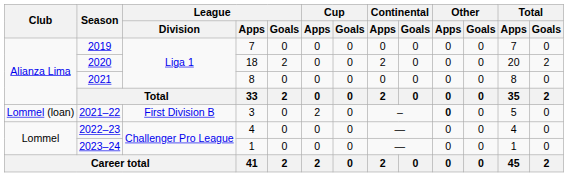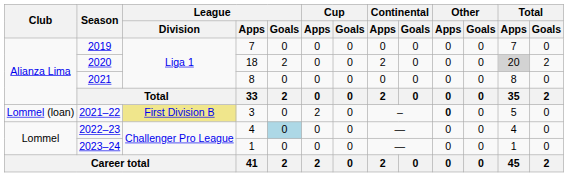 <table class="wikitable" style="text-align:center">
 <tr>
 <th rowspan="2">Club</th>
 <th rowspan="2">Season</th>
 <th colspan="3">League</th>
 <th colspan="2">Cup</th>
 <th colspan="2">Continental</th>
 <th colspan="2">Other</th>
 <th colspan="2">Total</th>
 </tr>
 <tr>
 <th>Division</th>
 <th>Apps</th>
 <th>Goals</th>
 <th>Apps</th>
 <th>Goals</th>
 <th>Apps</th>
 <th>Goals</th>
 <th>Apps</th>
 <th>Goals</th>
 <th>Apps</th>
 <th>Goals</th>
 </tr>
 <tr>
 <td rowspan="4"><a href='#'>Alianza Lima</a></td>
 <td><a href='#'>2019</a></td>
 <td rowspan="3"><a href='#'>Liga 1</a></td>
 <td>7</td>
 <td>0</td>
 <td>0</td>
 <td>0</td>
 <td>0</td>
 <td>0</td>
 <td>0</td>
 <td>0</td>
 <td>7</td>
 <td>0</td>
 </tr>
 <tr>
 <td><a href='#'>2020</a></td>
 <td>18</td>
 <td>2</td>
 <td>0</td>
 <td>0</td>
 <td>2</td>
 <td>0</td>
 <td>0</td>
 <td>0</td>
-<td>20</td>
+<td style="background: lightgrey;">20</td>
 <td>2</td>
 </tr>
 <tr>
 <td><a href='#'>2021</a></td>
 <td>8</td>
 <td>0</td>
 <td>0</td>
 <td>0</td>
 <td>0</td>
 <td>0</td>
 <td>0</td>
 <td>0</td>
 <td>8</td>
 <td>0</td>
 </tr>
 <tr>
 <th colspan="2"><strong>Total</strong></th>
 <th>33</th>
 <th>2</th>
 <th>0</th>
 <th>0</th>
 <th>2</th>
 <th>0</th>
 <th>0</th>
 <th>0</th>
 <th>35</th>
 <th>2</th>
 </tr>
 <tr>
 <td><a href='#'>Lommel</a> (loan)</td>
 <td><a href='#'>2021–22</a></td>
-<td><a href='#'>First Division B</a></td>
+<td style="background: khaki;"><a href='#'>First Division B</a></td>
 <td>3</td>
 <td>0</td>
 <td>2</td>
 <td>0</td>
 <td colspan="2">–</td>
 <td><strong>0</strong></td>
 <td>0</td>
 <td>5</td>
 <td>0</td>
 </tr>
 <tr>
 <td rowspan=2>Lommel</td>
 <td><a href='#'>2022–23</a></td>
 <td rowspan=2><a href='#'>Challenger Pro League</a></td>
 <td>4</td>
-<td>0</td>
+<td style="background: lightblue;">0</td>
 <td>0</td>
 <td>0</td>
 <td colspan="2">—</td>
 <td>0</td>
 <td>0</td>
 <td>4</td>
 <td>0</td>
 </tr>
 <tr>
 <td><a href='#'>2023–24</a></td>
 <td>1</td>
 <td>0</td>
 <td>0</td>
 <td>0</td>
 <td colspan="2">—</td>
 <td>0</td>
 <td>0</td>
 <td>1</td>
 <td>0</td>
 </tr>
 <tr>
 <th colspan="3">Career total</th>
 <th>41</th>
 <th>2</th>
 <th>2</th>
 <th>0</th>
 <th>2</th>
 <th>0</th>
 <th>0</th>
 <th>0</th>
 <th>45</th>
 <th>2</th>
 </tr>
 </table>
